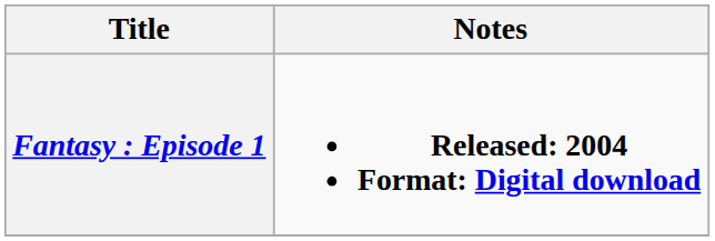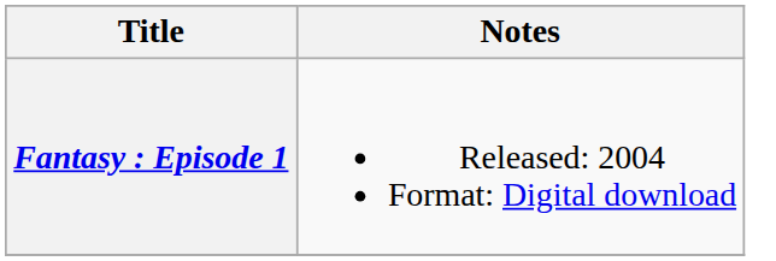 <table class="wikitable plainrowheaders" style="text-align:center;">
 <tr>
 <th scope="col">Title</th>
 <th scope="col">Notes</th>
 </tr>
 <tr>
 <th scope="row"><em><a href='#'>Fantasy : Episode 1</a></em></th>
-<td><strong><br><ul><li>Released: 2004</li><li>Format: <a href='#'>Digital download</a></li></ul></strong></td>
+<td><br><ul><li>Released: 2004</li><li>Format: <a href='#'>Digital download</a></li></ul></td>
 </tr>
 <tr>
 </tr>
 </table>
